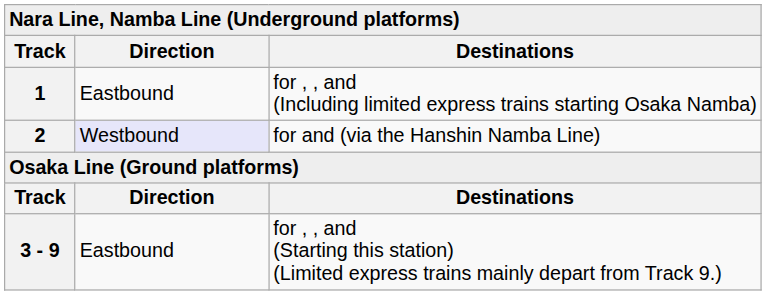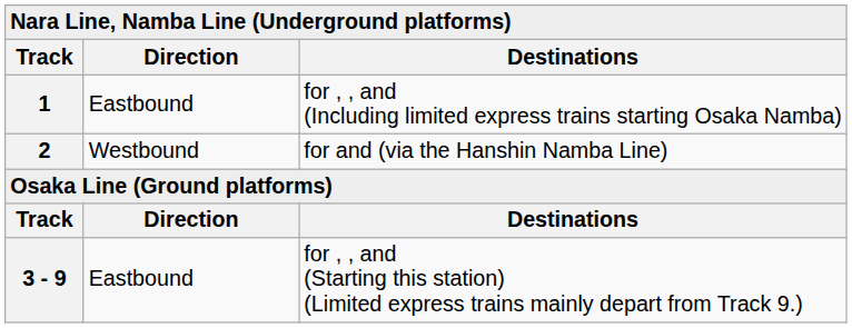 <table class="wikitable">
 <tr>
 <td colspan=3 style="background:#eee;"> <strong>Nara Line, Namba Line (Underground platforms)</strong></td>
 </tr>
 <tr>
 <th width="50px">Track</th>
 <th width="150px">Direction</th>
 <th>Destinations</th>
 </tr>
 <tr>
 <th width="50px">1</th>
 <td width="150px">Eastbound</td>
 <td>for , , and <br>(Including limited express trains starting Osaka Namba)</td>
 </tr>
 <tr>
 <th width="50px">2</th>
-<td style="background: lavender;">Westbound</td>
+<td>Westbound</td>
 <td>for  and  (via the Hanshin Namba Line)</td>
 </tr>
 <tr>
 <td colspan=3 style="background:#eee;"> <strong>Osaka Line (Ground platforms)</strong></td>
 </tr>
 <tr>
 <th width="50px">Track</th>
 <th width="150px">Direction</th>
 <th>Destinations</th>
 </tr>
 <tr>
 <th width="50px">3 - 9</th>
 <td>Eastbound</td>
 <td>for , , and <br>(Starting this station)<br>(Limited express trains mainly depart from Track 9.)</td>
 </tr>
 </table>
